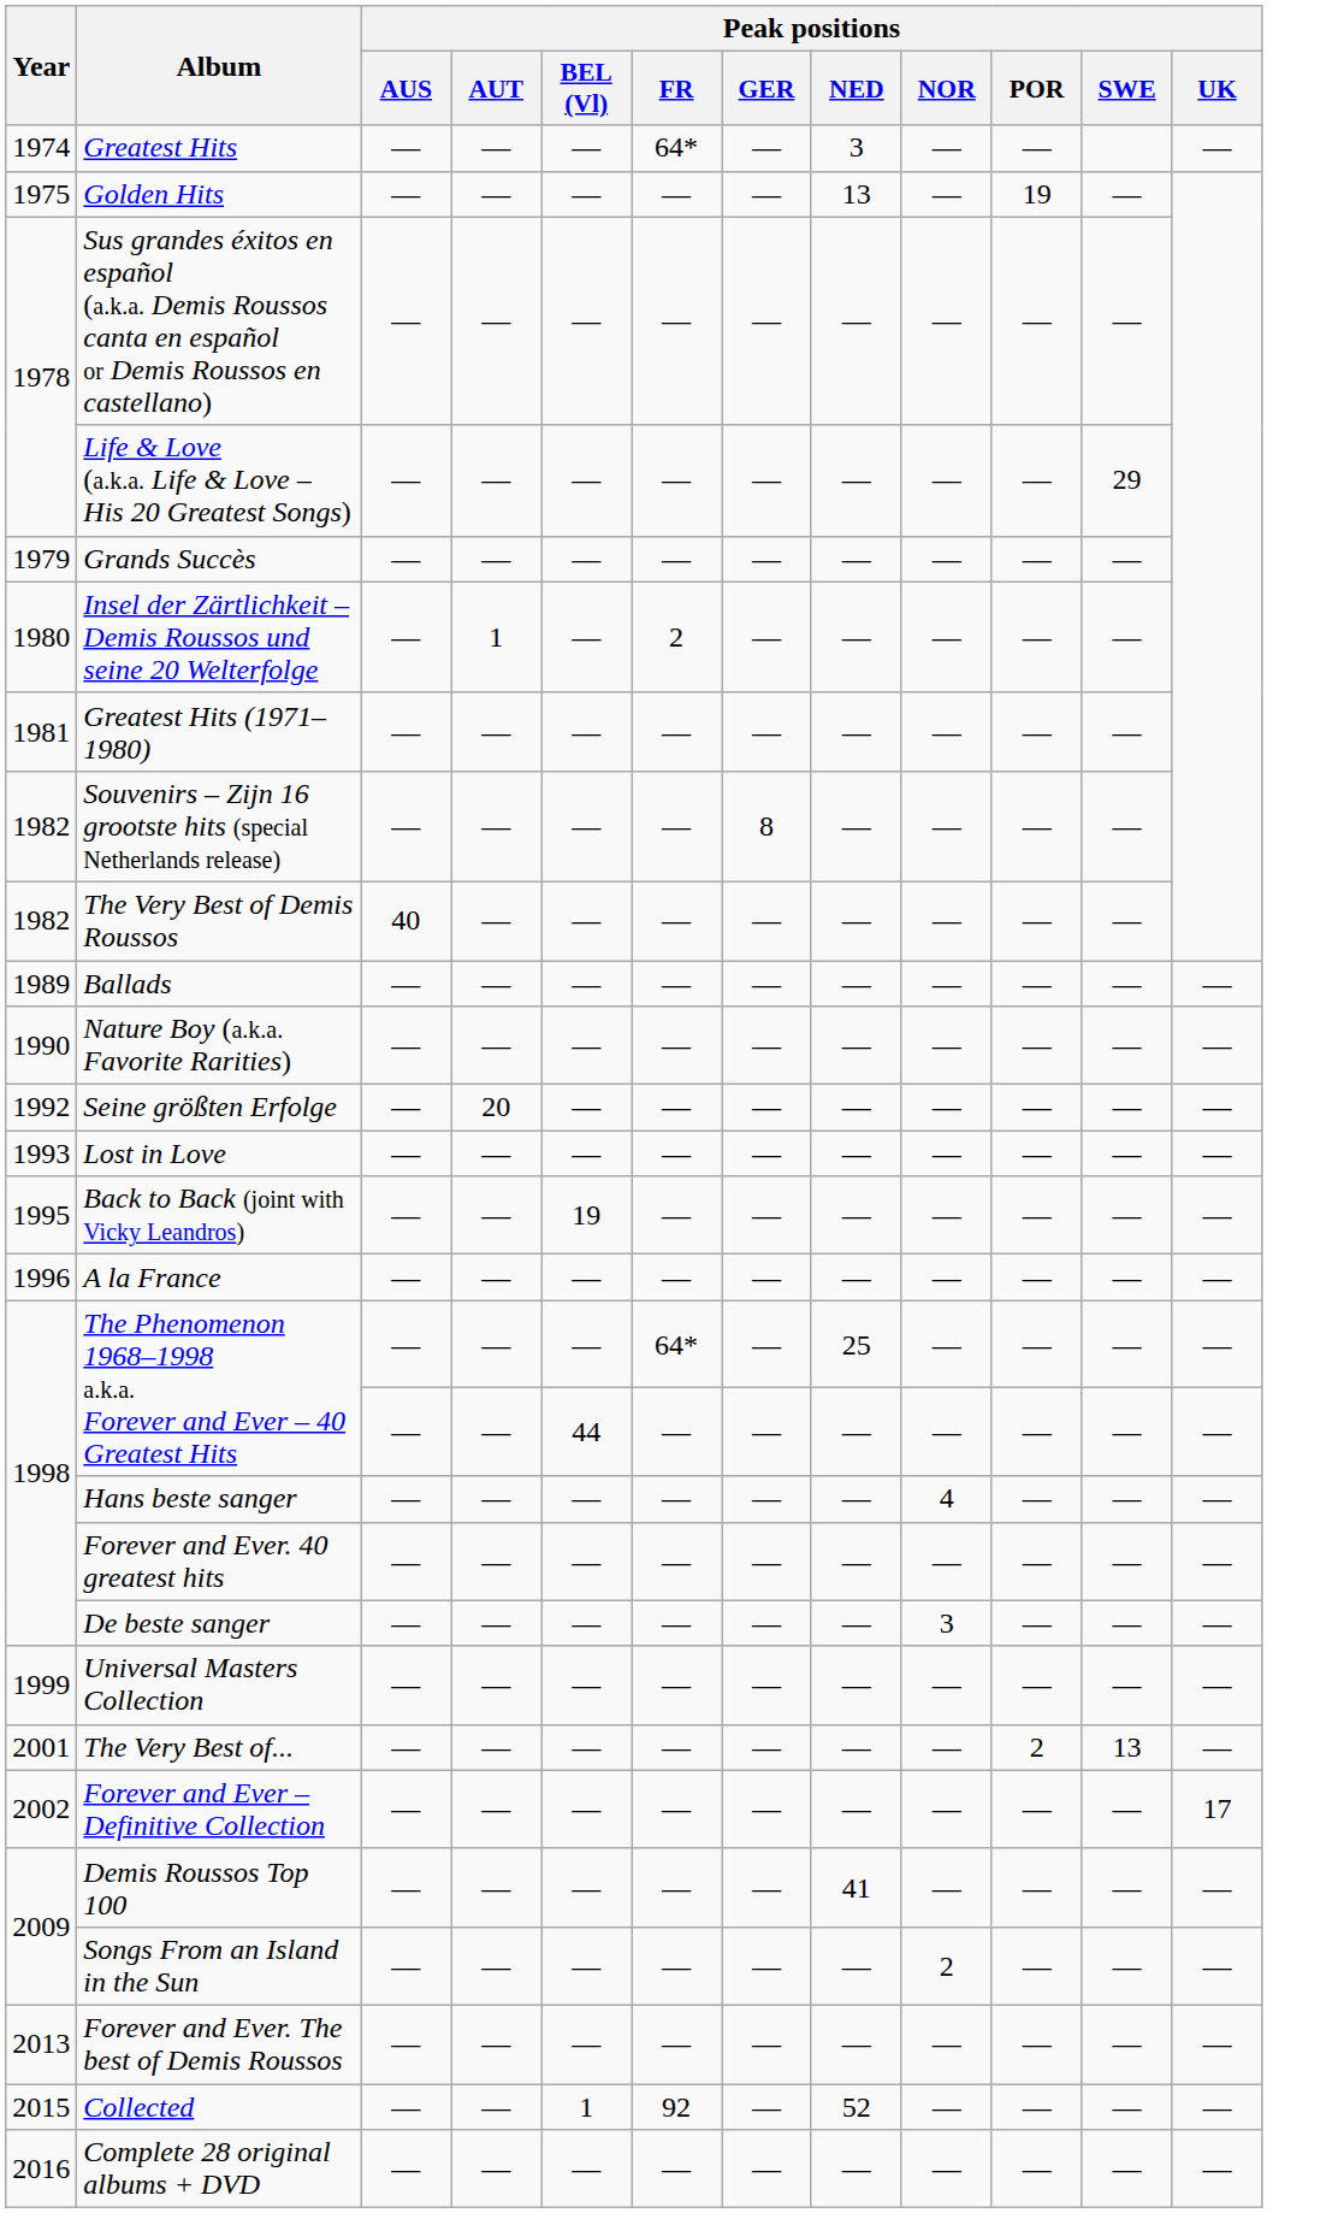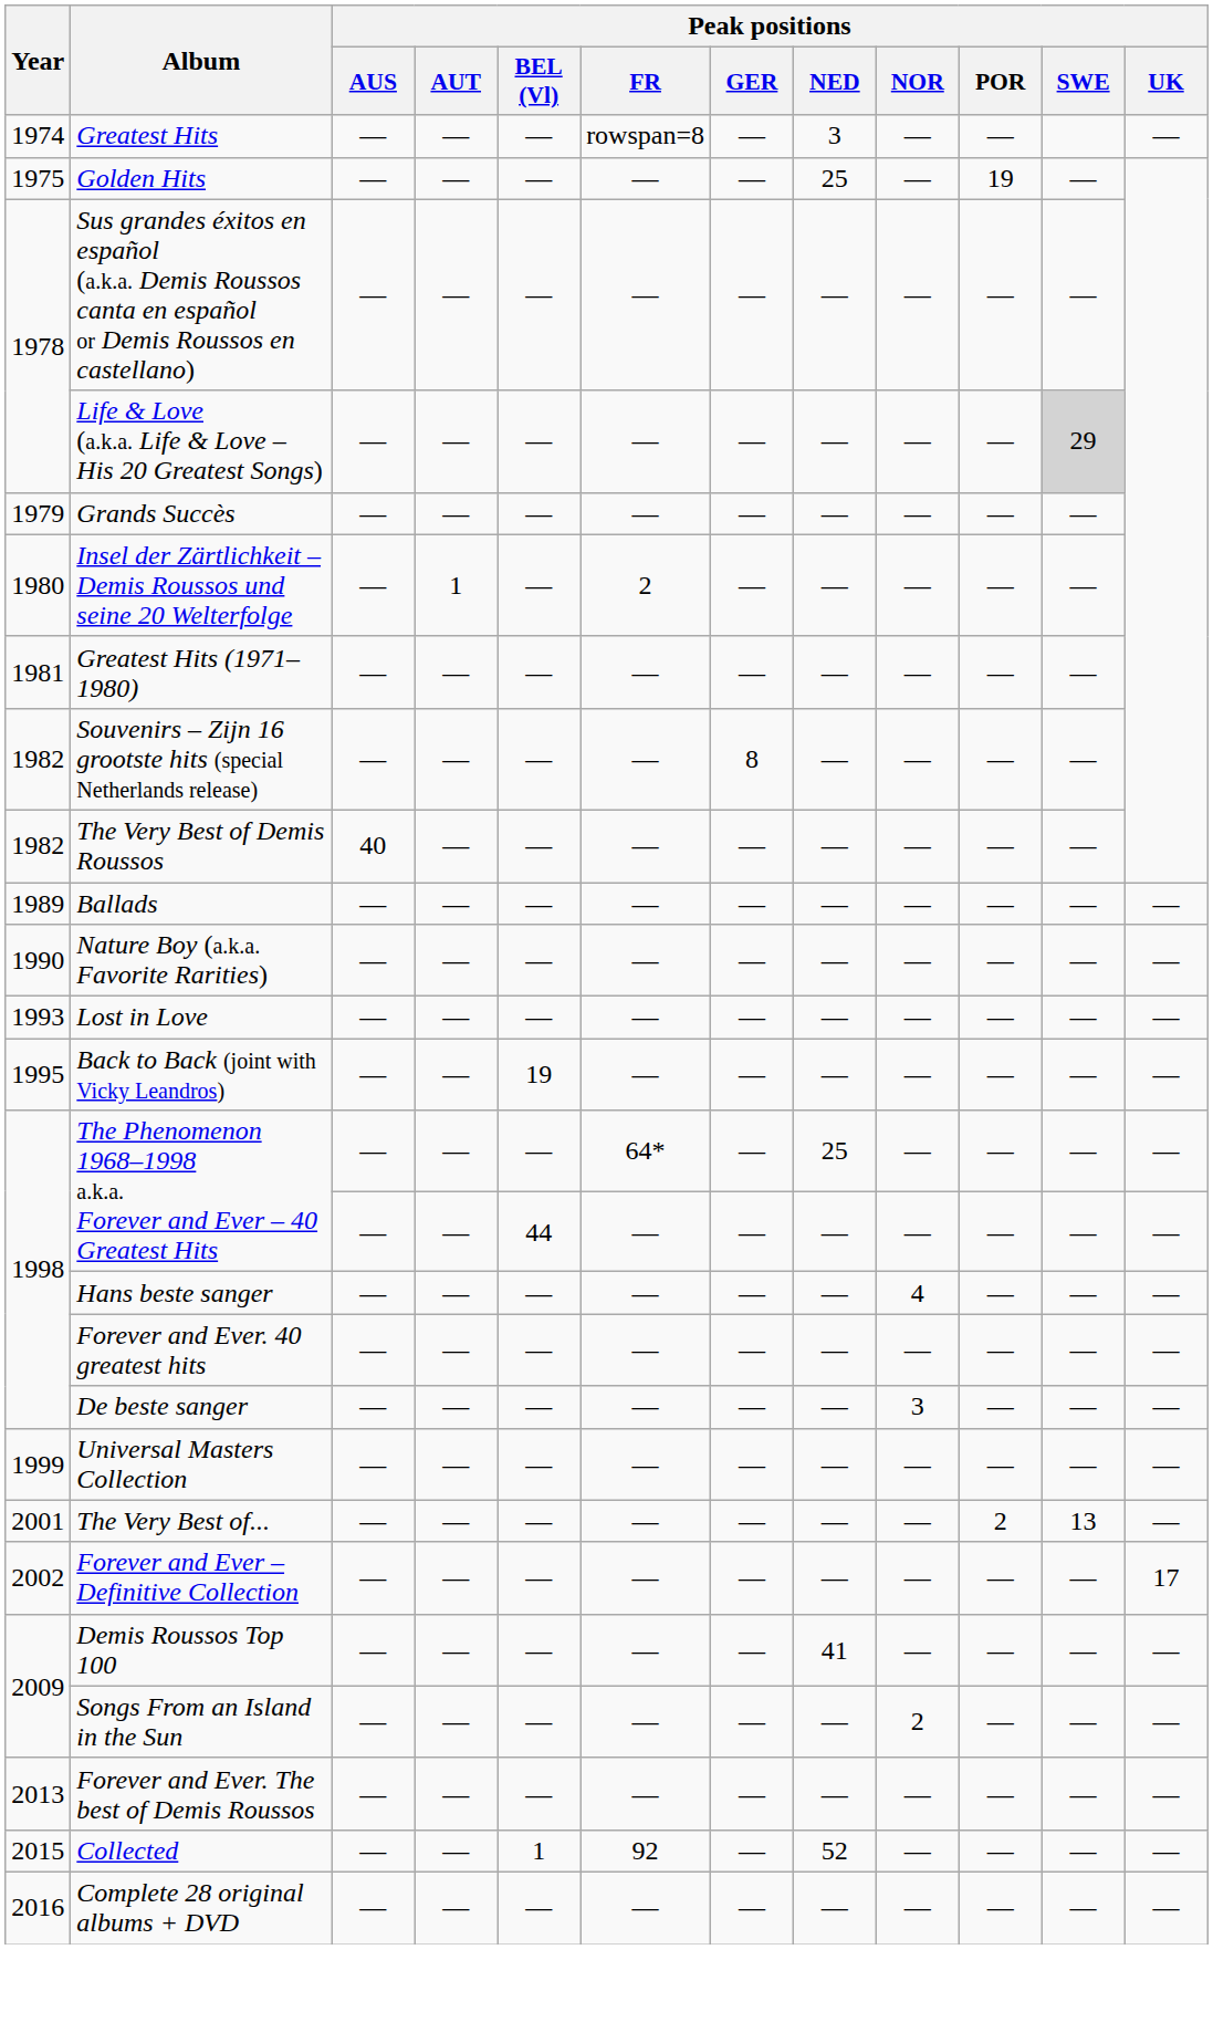 <table class="wikitable">
 <tr>
 <th align="center" rowspan="2" width="10">Year</th>
 <th align="center" rowspan="2" width="150">Album</th>
 <th align="center" colspan="10" width="20">Peak positions</th>
 </tr>
 <tr>
 <th scope="col" style="width:3em;font-size:90%;"><a href='#'>AUS</a><br></th>
 <th scope="col" style="width:3em;font-size:90%;"><a href='#'>AUT</a><br></th>
 <th scope="col" style="width:3em;font-size:90%;"><a href='#'>BEL <br>(Vl)</a><br></th>
 <th scope="col" style="width:3em;font-size:90%;"><a href='#'>FR</a><br></th>
 <th scope="col" style="width:3em;font-size:90%;"><a href='#'>GER</a><br></th>
 <th scope="col" style="width:3em;font-size:90%;"><a href='#'>NED</a><br></th>
 <th scope="col" style="width:3em;font-size:90%;"><a href='#'>NOR</a><br></th>
 <th scope="col" style="width:3em;font-size:90%;">POR<br></th>
 <th scope="col" style="width:3em;font-size:90%;"><a href='#'>SWE</a><br></th>
 <th scope="col" style="width:3em;font-size:90%;"><a href='#'>UK</a><br></th>
 </tr>
 <tr>
 <td style="text-align:center;" rowspan=1>1974</td>
 <td><em><a href='#'>Greatest Hits</a></em></td>
 <td style="text-align:center;">—</td>
 <td style="text-align:center;">—</td>
 <td style="text-align:center;">—</td>
-<td style="text-align:center;">64*</td>
+<td>rowspan=8 </td>
 <td style="text-align:center;">—</td>
 <td style="text-align:center;">3</td>
 <td style="text-align:center;">—</td>
 <td style="text-align:center;">—</td>
 <td></td>
 <td style="text-align:center;">—</td>
 </tr>
 <tr>
 <td style="text-align:center;" rowspan=1>1975</td>
 <td><em><a href='#'>Golden Hits</a></em></td>
 <td style="text-align:center;">—</td>
 <td style="text-align:center;">—</td>
 <td style="text-align:center;">—</td>
 <td style="text-align:center;">—</td>
 <td style="text-align:center;">—</td>
-<td style="text-align:center;">13</td>
+<td style="text-align:center;">25</td>
 <td style="text-align:center;">—</td>
 <td style="text-align:center;">19</td>
 <td style="text-align:center;">—</td>
 </tr>
 <tr>
 <td style="text-align:center;" rowspan=2>1978</td>
 <td><em>Sus grandes éxitos en español</em><br>(<small>a.k.a.</small> <em>Demis Roussos canta  en español</em><br><small>or</small> <em>Demis Roussos en castellano</em>)</td>
 <td style="text-align:center;">—</td>
 <td style="text-align:center;">—</td>
 <td style="text-align:center;">—</td>
 <td style="text-align:center;">—</td>
 <td style="text-align:center;">—</td>
 <td style="text-align:center;">—</td>
 <td style="text-align:center;">—</td>
 <td style="text-align:center;">—</td>
 <td style="text-align:center;">—</td>
 </tr>
 <tr>
 <td><em><a href='#'>Life & Love</a></em><br>(<small>a.k.a.</small> <em>Life & Love – His 20 Greatest Songs</em>)</td>
 <td style="text-align:center;">—</td>
 <td style="text-align:center;">—</td>
 <td style="text-align:center;">—</td>
 <td style="text-align:center;">—</td>
 <td style="text-align:center;">—</td>
 <td style="text-align:center;">—</td>
 <td style="text-align:center;">—</td>
 <td style="text-align:center;">—</td>
-<td style="text-align:center;">29</td>
+<td style="background: lightgrey; text-align:center;">29</td>
 </tr>
 <tr>
 <td style="text-align:center;" rowspan=1>1979</td>
 <td><em>Grands Succès</em></td>
 <td style="text-align:center;">—</td>
 <td style="text-align:center;">—</td>
 <td style="text-align:center;">—</td>
 <td style="text-align:center;">—</td>
 <td style="text-align:center;">—</td>
 <td style="text-align:center;">—</td>
 <td style="text-align:center;">—</td>
 <td style="text-align:center;">—</td>
 <td style="text-align:center;">—</td>
 </tr>
 <tr>
 <td style="text-align:center;" rowspan=1>1980</td>
 <td><em><a href='#'>Insel der Zärtlichkeit – Demis Roussos und seine 20 Welterfolge</a></em></td>
 <td style="text-align:center;">—</td>
 <td style="text-align:center;">1</td>
 <td style="text-align:center;">—</td>
 <td style="text-align:center;">2</td>
 <td style="text-align:center;">—</td>
 <td style="text-align:center;">—</td>
 <td style="text-align:center;">—</td>
 <td style="text-align:center;">—</td>
 <td style="text-align:center;">—</td>
 </tr>
 <tr>
 <td style="text-align:center;" rowspan=1>1981</td>
 <td><em>Greatest Hits (1971–1980)</em></td>
 <td style="text-align:center;">—</td>
 <td style="text-align:center;">—</td>
 <td style="text-align:center;">—</td>
 <td style="text-align:center;">—</td>
 <td style="text-align:center;">—</td>
 <td style="text-align:center;">—</td>
 <td style="text-align:center;">—</td>
 <td style="text-align:center;">—</td>
 <td style="text-align:center;">—</td>
 </tr>
 <tr>
 <td style="text-align:center;" rowspan=1>1982</td>
 <td><em>Souvenirs – Zijn 16 grootste hits</em> <small>(special Netherlands release)</small></td>
 <td style="text-align:center;">—</td>
 <td style="text-align:center;">—</td>
 <td style="text-align:center;">—</td>
 <td style="text-align:center;">—</td>
 <td style="text-align:center;">8</td>
 <td style="text-align:center;">—</td>
 <td style="text-align:center;">—</td>
 <td style="text-align:center;">—</td>
 <td style="text-align:center;">—</td>
 </tr>
 <tr>
 <td style="text-align:center;" rowspan=1>1982</td>
 <td><em>The Very Best of Demis Roussos</em></td>
 <td style="text-align:center;">40</td>
 <td style="text-align:center;">—</td>
 <td style="text-align:center;">—</td>
 <td style="text-align:center;">—</td>
 <td style="text-align:center;">—</td>
 <td style="text-align:center;">—</td>
 <td style="text-align:center;">—</td>
 <td style="text-align:center;">—</td>
 <td style="text-align:center;">—</td>
 </tr>
 <tr>
 <td style="text-align:center;" rowspan=1>1989</td>
 <td><em>Ballads</em></td>
 <td style="text-align:center;">—</td>
 <td style="text-align:center;">—</td>
 <td style="text-align:center;">—</td>
 <td style="text-align:center;">—</td>
 <td style="text-align:center;">—</td>
 <td style="text-align:center;">—</td>
 <td style="text-align:center;">—</td>
 <td style="text-align:center;">—</td>
 <td style="text-align:center;">—</td>
 <td style="text-align:center;">—</td>
 </tr>
 <tr>
 <td style="text-align:center;" rowspan=1>1990</td>
 <td><em>Nature Boy</em> (<small>a.k.a.</small> <em>Favorite Rarities</em>)</td>
 <td style="text-align:center;">—</td>
 <td style="text-align:center;">—</td>
 <td style="text-align:center;">—</td>
 <td style="text-align:center;">—</td>
 <td style="text-align:center;">—</td>
 <td style="text-align:center;">—</td>
 <td style="text-align:center;">—</td>
 <td style="text-align:center;">—</td>
 <td style="text-align:center;">—</td>
 <td style="text-align:center;">—</td>
 </tr>
 <tr>
-<td style="text-align:center;" rowspan=1>1992</td>
-<td><em>Seine größten Erfolge</em></td>
-<td style="text-align:center;">—</td>
-<td style="text-align:center;">20</td>
-<td style="text-align:center;">—</td>
-<td style="text-align:center;">—</td>
-<td style="text-align:center;">—</td>
-<td style="text-align:center;">—</td>
-<td style="text-align:center;">—</td>
-<td style="text-align:center;">—</td>
-<td style="text-align:center;">—</td>
-<td style="text-align:center;">—</td>
-</tr>
-<tr>
 <td style="text-align:center;" rowspan=1>1993</td>
 <td><em>Lost in Love</em></td>
 <td style="text-align:center;">—</td>
 <td style="text-align:center;">—</td>
 <td style="text-align:center;">—</td>
 <td style="text-align:center;">—</td>
 <td style="text-align:center;">—</td>
 <td style="text-align:center;">—</td>
 <td style="text-align:center;">—</td>
 <td style="text-align:center;">—</td>
 <td style="text-align:center;">—</td>
 <td style="text-align:center;">—</td>
 </tr>
 <tr>
 <td style="text-align:center;" rowspan=1>1995</td>
 <td><em>Back to Back</em> <small>(joint with <a href='#'>Vicky Leandros</a>)</small></td>
 <td style="text-align:center;">—</td>
 <td style="text-align:center;">—</td>
 <td style="text-align:center;">19</td>
-<td style="text-align:center;">—</td>
-<td style="text-align:center;">—</td>
-<td style="text-align:center;">—</td>
-<td style="text-align:center;">—</td>
-<td style="text-align:center;">—</td>
-<td style="text-align:center;">—</td>
-<td style="text-align:center;">—</td>
-</tr>
-<tr>
-<td style="text-align:center;" rowspan=1>1996</td>
-<td><em>A la France</em></td>
-<td style="text-align:center;">—</td>
-<td style="text-align:center;">—</td>
-<td style="text-align:center;">—</td>
 <td style="text-align:center;">—</td>
 <td style="text-align:center;">—</td>
 <td style="text-align:center;">—</td>
 <td style="text-align:center;">—</td>
 <td style="text-align:center;">—</td>
 <td style="text-align:center;">—</td>
 <td style="text-align:center;">—</td>
 </tr>
 <tr>
 <td style="text-align:center;" rowspan=5>1998</td>
 <td rowspan=2><em><a href='#'>The Phenomenon 1968–1998</a></em><br><small>a.k.a.</small><br><em><a href='#'>Forever and Ever – 40 Greatest Hits</a></em></td>
 <td style="text-align:center;">—</td>
 <td style="text-align:center;">—</td>
 <td style="text-align:center;">—</td>
 <td style="text-align:center;">64*</td>
 <td style="text-align:center;">—</td>
 <td style="text-align:center;">25</td>
 <td style="text-align:center;">—</td>
 <td style="text-align:center;">—</td>
 <td style="text-align:center;">—</td>
 <td style="text-align:center;">—</td>
 </tr>
 <tr>
 <td style="text-align:center;">—</td>
 <td style="text-align:center;">—</td>
 <td style="text-align:center;">44</td>
 <td style="text-align:center;">—</td>
 <td style="text-align:center;">—</td>
 <td style="text-align:center;">—</td>
 <td style="text-align:center;">—</td>
 <td style="text-align:center;">—</td>
 <td style="text-align:center;">—</td>
 <td style="text-align:center;">—</td>
 </tr>
 <tr>
 <td><em>Hans beste sanger</em></td>
 <td style="text-align:center;">—</td>
 <td style="text-align:center;">—</td>
 <td style="text-align:center;">—</td>
 <td style="text-align:center;">—</td>
 <td style="text-align:center;">—</td>
 <td style="text-align:center;">—</td>
 <td style="text-align:center;">4</td>
 <td style="text-align:center;">—</td>
 <td style="text-align:center;">—</td>
 <td style="text-align:center;">—</td>
 </tr>
 <tr>
 <td><em>Forever and Ever. 40 greatest hits</em></td>
 <td style="text-align:center;">—</td>
 <td style="text-align:center;">—</td>
 <td style="text-align:center;">—</td>
 <td style="text-align:center;">—</td>
 <td style="text-align:center;">—</td>
 <td style="text-align:center;">—</td>
 <td style="text-align:center;">—</td>
 <td style="text-align:center;">—</td>
 <td style="text-align:center;">—</td>
 <td style="text-align:center;">—</td>
 </tr>
 <tr>
 <td><em>De beste sanger</em></td>
 <td style="text-align:center;">—</td>
 <td style="text-align:center;">—</td>
 <td style="text-align:center;">—</td>
 <td style="text-align:center;">—</td>
 <td style="text-align:center;">—</td>
 <td style="text-align:center;">—</td>
 <td style="text-align:center;">3</td>
 <td style="text-align:center;">—</td>
 <td style="text-align:center;">—</td>
 <td style="text-align:center;">—</td>
 </tr>
 <tr>
 <td style="text-align:center;" rowspan=1>1999</td>
 <td><em>Universal Masters Collection</em></td>
 <td style="text-align:center;">—</td>
 <td style="text-align:center;">—</td>
 <td style="text-align:center;">—</td>
 <td style="text-align:center;">—</td>
 <td style="text-align:center;">—</td>
 <td style="text-align:center;">—</td>
 <td style="text-align:center;">—</td>
 <td style="text-align:center;">—</td>
 <td style="text-align:center;">—</td>
 <td style="text-align:center;">—</td>
 </tr>
 <tr>
 <td style="text-align:center;" rowspan=1>2001</td>
 <td><em>The Very Best of...</em></td>
 <td style="text-align:center;">—</td>
 <td style="text-align:center;">—</td>
 <td style="text-align:center;">—</td>
 <td style="text-align:center;">—</td>
 <td style="text-align:center;">—</td>
 <td style="text-align:center;">—</td>
 <td style="text-align:center;">—</td>
 <td style="text-align:center;">2</td>
 <td style="text-align:center;">13</td>
 <td style="text-align:center;">—</td>
 </tr>
 <tr>
 <td style="text-align:center;" rowspan=1>2002</td>
 <td><em><a href='#'>Forever and Ever – Definitive Collection</a></em></td>
 <td style="text-align:center;">—</td>
 <td style="text-align:center;">—</td>
 <td style="text-align:center;">—</td>
 <td style="text-align:center;">—</td>
 <td style="text-align:center;">—</td>
 <td style="text-align:center;">—</td>
 <td style="text-align:center;">—</td>
 <td style="text-align:center;">—</td>
 <td style="text-align:center;">—</td>
 <td style="text-align:center;">17</td>
 </tr>
 <tr>
 <td style="text-align:center;" rowspan=2>2009</td>
 <td><em>Demis Roussos Top 100</em></td>
 <td style="text-align:center;">—</td>
 <td style="text-align:center;">—</td>
 <td style="text-align:center;">—</td>
 <td style="text-align:center;">—</td>
 <td style="text-align:center;">—</td>
 <td style="text-align:center;">41</td>
 <td style="text-align:center;">—</td>
 <td style="text-align:center;">—</td>
 <td style="text-align:center;">—</td>
 <td style="text-align:center;">—</td>
 </tr>
 <tr>
 <td><em>Songs From an Island in the Sun</em></td>
 <td style="text-align:center;">—</td>
 <td style="text-align:center;">—</td>
 <td style="text-align:center;">—</td>
 <td style="text-align:center;">—</td>
 <td style="text-align:center;">—</td>
 <td style="text-align:center;">—</td>
 <td style="text-align:center;">2</td>
 <td style="text-align:center;">—</td>
 <td style="text-align:center;">—</td>
 <td style="text-align:center;">—</td>
 </tr>
 <tr>
 <td style="text-align:center;" rowspan=1>2013</td>
 <td><em>Forever and Ever. The best of Demis Roussos</em></td>
 <td style="text-align:center;">—</td>
 <td style="text-align:center;">—</td>
 <td style="text-align:center;">—</td>
 <td style="text-align:center;">—</td>
 <td style="text-align:center;">—</td>
 <td style="text-align:center;">—</td>
 <td style="text-align:center;">—</td>
 <td style="text-align:center;">—</td>
 <td style="text-align:center;">—</td>
 <td style="text-align:center;">—</td>
 </tr>
 <tr>
 <td style="text-align:center;" rowspan=1>2015</td>
 <td><em><a href='#'>Collected</a></em></td>
 <td style="text-align:center;">—</td>
 <td style="text-align:center;">—</td>
 <td style="text-align:center;">1</td>
 <td style="text-align:center;">92</td>
 <td style="text-align:center;">—</td>
 <td style="text-align:center;">52</td>
 <td style="text-align:center;">—</td>
 <td style="text-align:center;">—</td>
 <td style="text-align:center;">—</td>
 <td style="text-align:center;">—</td>
 </tr>
 <tr>
 <td style="text-align:center;" rowspan=1>2016</td>
 <td><em>Complete 28 original albums + DVD</em></td>
 <td style="text-align:center;">—</td>
 <td style="text-align:center;">—</td>
 <td style="text-align:center;">—</td>
 <td style="text-align:center;">—</td>
 <td style="text-align:center;">—</td>
 <td style="text-align:center;">—</td>
 <td style="text-align:center;">—</td>
 <td style="text-align:center;">—</td>
 <td style="text-align:center;">—</td>
 <td style="text-align:center;">—</td>
 </tr>
 </table>
